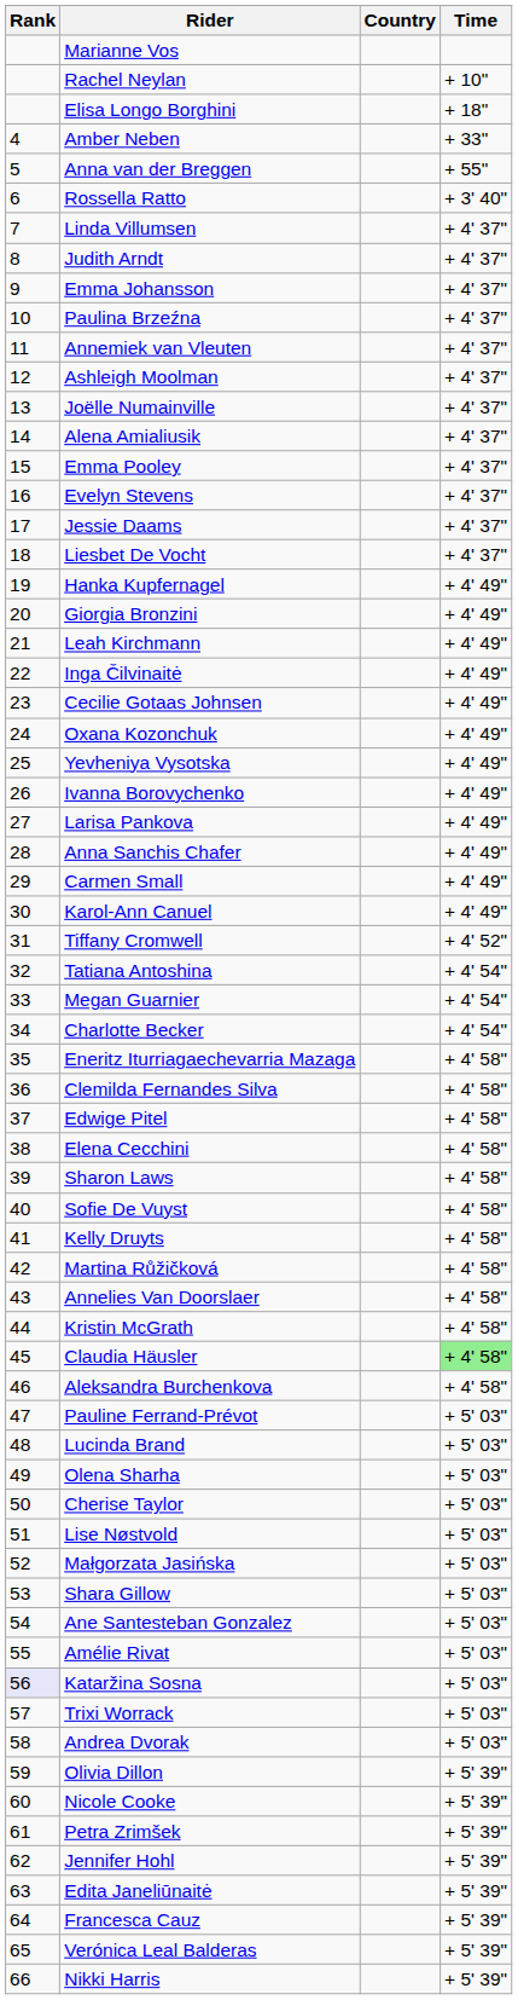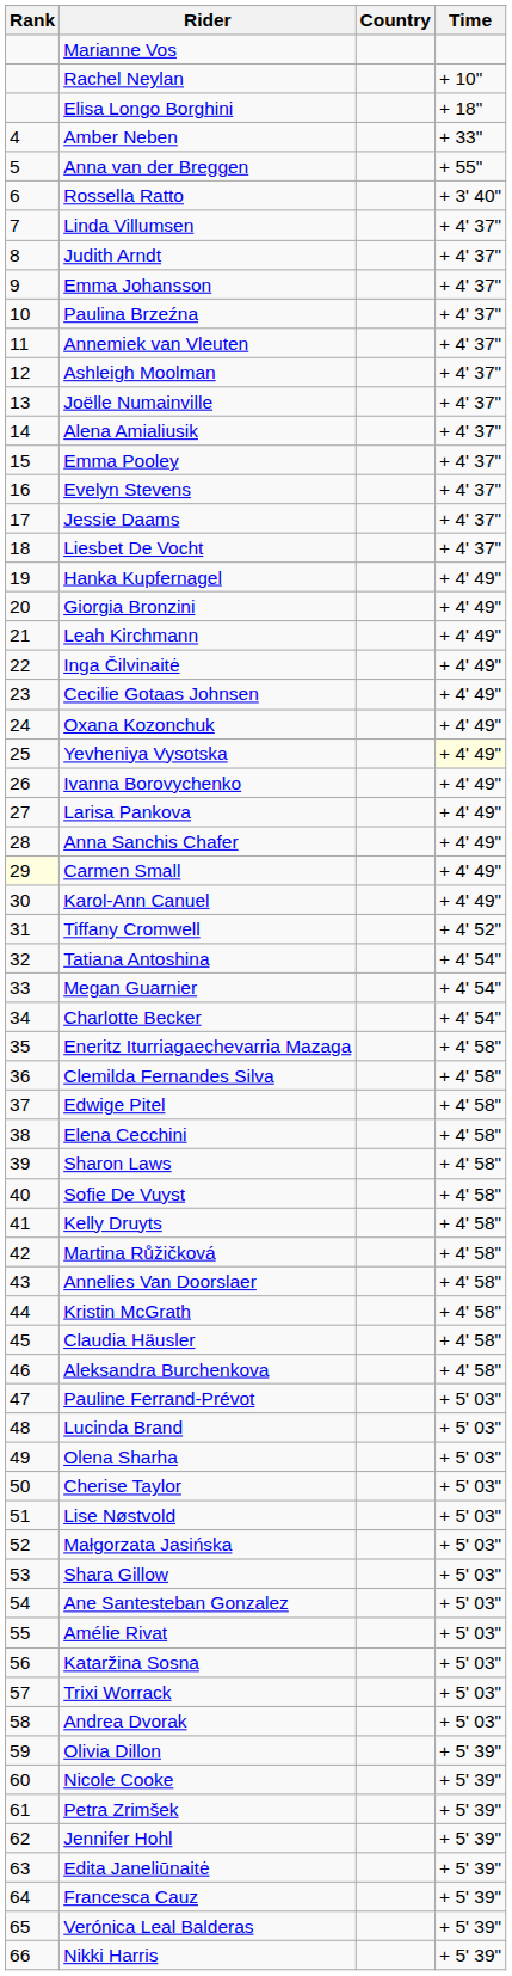 <table class="wikitable" style="font-size:95%; text-align:left;">
 <tr>
 <th>Rank</th>
 <th>Rider</th>
 <th>Country</th>
 <th>Time</th>
 </tr>
 <tr>
 <td></td>
 <td><a href='#'>Marianne Vos</a></td>
 <td></td>
 <td></td>
 </tr>
 <tr>
 <td></td>
 <td><a href='#'>Rachel Neylan</a></td>
 <td></td>
 <td>+ 10"</td>
 </tr>
 <tr>
 <td></td>
 <td><a href='#'>Elisa Longo Borghini</a></td>
 <td></td>
 <td>+ 18"</td>
 </tr>
 <tr>
 <td>4</td>
 <td><a href='#'>Amber Neben</a></td>
 <td></td>
 <td>+ 33"</td>
 </tr>
 <tr>
 <td>5</td>
 <td><a href='#'>Anna van der Breggen</a></td>
 <td></td>
 <td>+ 55"</td>
 </tr>
 <tr>
 <td>6</td>
 <td><a href='#'>Rossella Ratto</a></td>
 <td></td>
 <td>+ 3' 40"</td>
 </tr>
 <tr>
 <td>7</td>
 <td><a href='#'>Linda Villumsen</a></td>
 <td></td>
 <td>+ 4' 37"</td>
 </tr>
 <tr>
 <td>8</td>
 <td><a href='#'>Judith Arndt</a></td>
 <td></td>
 <td>+ 4' 37"</td>
 </tr>
 <tr>
 <td>9</td>
 <td><a href='#'>Emma Johansson</a></td>
 <td></td>
 <td>+ 4' 37"</td>
 </tr>
 <tr>
 <td>10</td>
 <td><a href='#'>Paulina Brzeźna</a></td>
 <td></td>
 <td>+ 4' 37"</td>
 </tr>
 <tr>
 <td>11</td>
 <td><a href='#'>Annemiek van Vleuten</a></td>
 <td></td>
 <td>+ 4' 37"</td>
 </tr>
 <tr>
 <td>12</td>
 <td><a href='#'>Ashleigh Moolman</a></td>
 <td></td>
 <td>+ 4' 37"</td>
 </tr>
 <tr>
 <td>13</td>
 <td><a href='#'>Joëlle Numainville</a></td>
 <td></td>
 <td>+ 4' 37"</td>
 </tr>
 <tr>
 <td>14</td>
 <td><a href='#'>Alena Amialiusik</a></td>
 <td></td>
 <td>+ 4' 37"</td>
 </tr>
 <tr>
 <td>15</td>
 <td><a href='#'>Emma Pooley</a></td>
 <td></td>
 <td>+ 4' 37"</td>
 </tr>
 <tr>
 <td>16</td>
 <td><a href='#'>Evelyn Stevens</a></td>
 <td></td>
 <td>+ 4' 37"</td>
 </tr>
 <tr>
 <td>17</td>
 <td><a href='#'>Jessie Daams</a></td>
 <td></td>
 <td>+ 4' 37"</td>
 </tr>
 <tr>
 <td>18</td>
 <td><a href='#'>Liesbet De Vocht</a></td>
 <td></td>
 <td>+ 4' 37"</td>
 </tr>
 <tr>
 <td>19</td>
 <td><a href='#'>Hanka Kupfernagel</a></td>
 <td></td>
 <td>+ 4' 49"</td>
 </tr>
 <tr>
 <td>20</td>
 <td><a href='#'>Giorgia Bronzini</a></td>
 <td></td>
 <td>+ 4' 49"</td>
 </tr>
 <tr>
 <td>21</td>
 <td><a href='#'>Leah Kirchmann</a></td>
 <td></td>
 <td>+ 4' 49"</td>
 </tr>
 <tr>
 <td>22</td>
 <td><a href='#'>Inga Čilvinaitė</a></td>
 <td></td>
 <td>+ 4' 49"</td>
 </tr>
 <tr>
 <td>23</td>
 <td><a href='#'>Cecilie Gotaas Johnsen</a></td>
 <td></td>
 <td>+ 4' 49"</td>
 </tr>
 <tr>
 <td>24</td>
 <td><a href='#'>Oxana Kozonchuk</a></td>
 <td></td>
 <td>+ 4' 49"</td>
 </tr>
 <tr>
 <td>25</td>
 <td><a href='#'>Yevheniya Vysotska</a></td>
 <td></td>
-<td>+ 4' 49"</td>
+<td style="background: lightyellow;">+ 4' 49"</td>
 </tr>
 <tr>
 <td>26</td>
 <td><a href='#'>Ivanna Borovychenko</a></td>
 <td></td>
 <td>+ 4' 49"</td>
 </tr>
 <tr>
 <td>27</td>
 <td><a href='#'>Larisa Pankova</a></td>
 <td></td>
 <td>+ 4' 49"</td>
 </tr>
 <tr>
 <td>28</td>
 <td><a href='#'>Anna Sanchis Chafer</a></td>
 <td></td>
 <td>+ 4' 49"</td>
 </tr>
 <tr>
-<td>29</td>
+<td style="background: lightyellow;">29</td>
 <td><a href='#'>Carmen Small</a></td>
 <td></td>
 <td>+ 4' 49"</td>
 </tr>
 <tr>
 <td>30</td>
 <td><a href='#'>Karol-Ann Canuel</a></td>
 <td></td>
 <td>+ 4' 49"</td>
 </tr>
 <tr>
 <td>31</td>
 <td><a href='#'>Tiffany Cromwell</a></td>
 <td></td>
 <td>+ 4' 52"</td>
 </tr>
 <tr>
 <td>32</td>
 <td><a href='#'>Tatiana Antoshina</a></td>
 <td></td>
 <td>+ 4' 54"</td>
 </tr>
 <tr>
 <td>33</td>
 <td><a href='#'>Megan Guarnier</a></td>
 <td></td>
 <td>+ 4' 54"</td>
 </tr>
 <tr>
 <td>34</td>
 <td><a href='#'>Charlotte Becker</a></td>
 <td></td>
 <td>+ 4' 54"</td>
 </tr>
 <tr>
 <td>35</td>
 <td><a href='#'>Eneritz Iturriagaechevarria Mazaga</a></td>
 <td></td>
 <td>+ 4' 58"</td>
 </tr>
 <tr>
 <td>36</td>
 <td><a href='#'>Clemilda Fernandes Silva</a></td>
 <td></td>
 <td>+ 4' 58"</td>
 </tr>
 <tr>
 <td>37</td>
 <td><a href='#'>Edwige Pitel</a></td>
 <td></td>
 <td>+ 4' 58"</td>
 </tr>
 <tr>
 <td>38</td>
 <td><a href='#'>Elena Cecchini</a></td>
 <td></td>
 <td>+ 4' 58"</td>
 </tr>
 <tr>
 <td>39</td>
 <td><a href='#'>Sharon Laws</a></td>
 <td></td>
 <td>+ 4' 58"</td>
 </tr>
 <tr>
 <td>40</td>
 <td><a href='#'>Sofie De Vuyst</a></td>
 <td></td>
 <td>+ 4' 58"</td>
 </tr>
 <tr>
 <td>41</td>
 <td><a href='#'>Kelly Druyts</a></td>
 <td></td>
 <td>+ 4' 58"</td>
 </tr>
 <tr>
 <td>42</td>
 <td><a href='#'>Martina Růžičková</a></td>
 <td></td>
 <td>+ 4' 58"</td>
 </tr>
 <tr>
 <td>43</td>
 <td><a href='#'>Annelies Van Doorslaer</a></td>
 <td></td>
 <td>+ 4' 58"</td>
 </tr>
 <tr>
 <td>44</td>
 <td><a href='#'>Kristin McGrath</a></td>
 <td></td>
 <td>+ 4' 58"</td>
 </tr>
 <tr>
 <td>45</td>
 <td><a href='#'>Claudia Häusler</a></td>
 <td></td>
-<td style="background: lightgreen;">+ 4' 58"</td>
+<td>+ 4' 58"</td>
 </tr>
 <tr>
 <td>46</td>
 <td><a href='#'>Aleksandra Burchenkova</a></td>
 <td></td>
 <td>+ 4' 58"</td>
 </tr>
 <tr>
 <td>47</td>
 <td><a href='#'>Pauline Ferrand-Prévot</a></td>
 <td></td>
 <td>+ 5' 03"</td>
 </tr>
 <tr>
 <td>48</td>
 <td><a href='#'>Lucinda Brand</a></td>
 <td></td>
 <td>+ 5' 03"</td>
 </tr>
 <tr>
 <td>49</td>
 <td><a href='#'>Olena Sharha</a></td>
 <td></td>
 <td>+ 5' 03"</td>
 </tr>
 <tr>
 <td>50</td>
 <td><a href='#'>Cherise Taylor</a></td>
 <td></td>
 <td>+ 5' 03"</td>
 </tr>
 <tr>
 <td>51</td>
 <td><a href='#'>Lise Nøstvold</a></td>
 <td></td>
 <td>+ 5' 03"</td>
 </tr>
 <tr>
 <td>52</td>
 <td><a href='#'>Małgorzata Jasińska</a></td>
 <td></td>
 <td>+ 5' 03"</td>
 </tr>
 <tr>
 <td>53</td>
 <td><a href='#'>Shara Gillow</a></td>
 <td></td>
 <td>+ 5' 03"</td>
 </tr>
 <tr>
 <td>54</td>
 <td><a href='#'>Ane Santesteban Gonzalez</a></td>
 <td></td>
 <td>+ 5' 03"</td>
 </tr>
 <tr>
 <td>55</td>
 <td><a href='#'>Amélie Rivat</a></td>
 <td></td>
 <td>+ 5' 03"</td>
 </tr>
 <tr>
-<td style="background: lavender;">56</td>
+<td>56</td>
 <td><a href='#'>Kataržina Sosna</a></td>
 <td></td>
 <td>+ 5' 03"</td>
 </tr>
 <tr>
 <td>57</td>
 <td><a href='#'>Trixi Worrack</a></td>
 <td></td>
 <td>+ 5' 03"</td>
 </tr>
 <tr>
 <td>58</td>
 <td><a href='#'>Andrea Dvorak</a></td>
 <td></td>
 <td>+ 5' 03"</td>
 </tr>
 <tr>
 <td>59</td>
 <td><a href='#'>Olivia Dillon</a></td>
 <td></td>
 <td>+ 5' 39"</td>
 </tr>
 <tr>
 <td>60</td>
 <td><a href='#'>Nicole Cooke</a></td>
 <td></td>
 <td>+ 5' 39"</td>
 </tr>
 <tr>
 <td>61</td>
 <td><a href='#'>Petra Zrimšek</a></td>
 <td></td>
 <td>+ 5' 39"</td>
 </tr>
 <tr>
 <td>62</td>
 <td><a href='#'>Jennifer Hohl</a></td>
 <td></td>
 <td>+ 5' 39"</td>
 </tr>
 <tr>
 <td>63</td>
 <td><a href='#'>Edita Janeliūnaitė</a></td>
 <td></td>
 <td>+ 5' 39"</td>
 </tr>
 <tr>
 <td>64</td>
 <td><a href='#'>Francesca Cauz</a></td>
 <td></td>
 <td>+ 5' 39"</td>
 </tr>
 <tr>
 <td>65</td>
 <td><a href='#'>Verónica Leal Balderas</a></td>
 <td></td>
 <td>+ 5' 39"</td>
 </tr>
 <tr>
 <td>66</td>
 <td><a href='#'>Nikki Harris</a></td>
 <td></td>
 <td>+ 5' 39"</td>
 </tr>
 </table>
